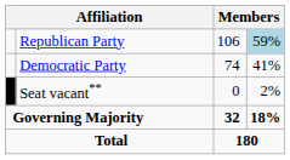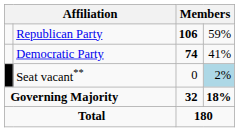 <table class="wikitable">
 <tr>
 <th colspan=2 align=center valign=bottom>Affiliation</th>
 <th colspan=2 align=center valign=bottom>Members</th>
 </tr>
 <tr>
 <td></td>
 <td width="201"><a href='#'>Republican Party</a></td>
-<td align=right width="25">106 </td>
-<td align=right width="25" style="background: lightblue;">59%</td>
+<td align=right width="25"><strong>106 </strong></td>
+<td align=right width="25">59%</td>
 </tr>
 <tr>
 <td></td>
 <td><a href='#'>Democratic Party</a></td>
-<td align=right>74 </td>
+<td align=right><strong>74 </strong></td>
 <td align=right>41%</td>
 </tr>
 <tr>
 <td bgcolor="black"> </td>
 <td>Seat vacant<sup>**</sup></td>
 <td align=right>0 </td>
-<td align=right>2%</td>
+<td align=right style="background: lightblue;">2%</td>
 </tr>
 <tr>
 <td colspan=2> <strong>Governing Majority</strong></td>
 <td align=right><strong>32</strong> </td>
 <td align=right><strong>18%</strong></td>
 </tr>
 <tr>
 <td colspan=2 align=center> <strong>Total</strong></td>
 <td colspan=2 align=center><strong>180</strong> </td>
 </tr>
 </table>
